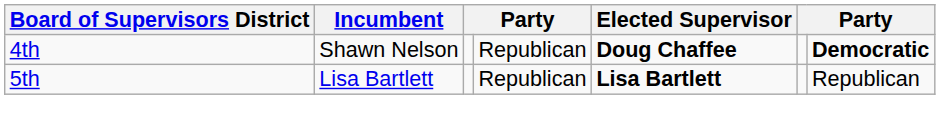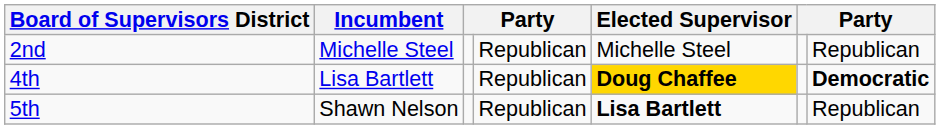 <table class="sortable wikitable" style="font-size:95%;line-height:14px;">
 <tr>
 <th class="sortable"><a href='#'>Board of Supervisors</a> District</th>
 <th class="unsortable"><a href='#'>Incumbent</a></th>
 <th colspan="2">Party</th>
 <th class="unsortable">Elected Supervisor</th>
 <th colspan="2">Party</th>
 </tr>
 <tr>
-<td><a href='#'>4th</a></td>
-<td>Shawn Nelson</td>
+<td><a href='#'>2nd</a></td>
+<td><a href='#'>Michelle Steel</a></td>
 <td style="background:"></td>
 <td>Republican</td>
-<td><strong>Doug Chaffee</strong></td>
+<td>Michelle Steel</td>
+<td style="background:"></td>
+<td>Republican</td>
+</tr>
+<tr>
+<td><a href='#'>4th</a></td>
+<td><a href='#'>Lisa Bartlett</a></td>
+<td style="background:"></td>
+<td>Republican</td>
+<td style="background: gold;"><strong>Doug Chaffee</strong></td>
 <td style="background:"></td>
 <td><strong>Democratic</strong></td>
 </tr>
 <tr>
 <td><a href='#'>5th</a></td>
-<td><a href='#'>Lisa Bartlett</a></td>
+<td>Shawn Nelson</td>
 <td style="background:"></td>
 <td>Republican</td>
 <td><strong>Lisa Bartlett</strong></td>
 <td style="background:"></td>
 <td>Republican</td>
 </tr>
 </table>
